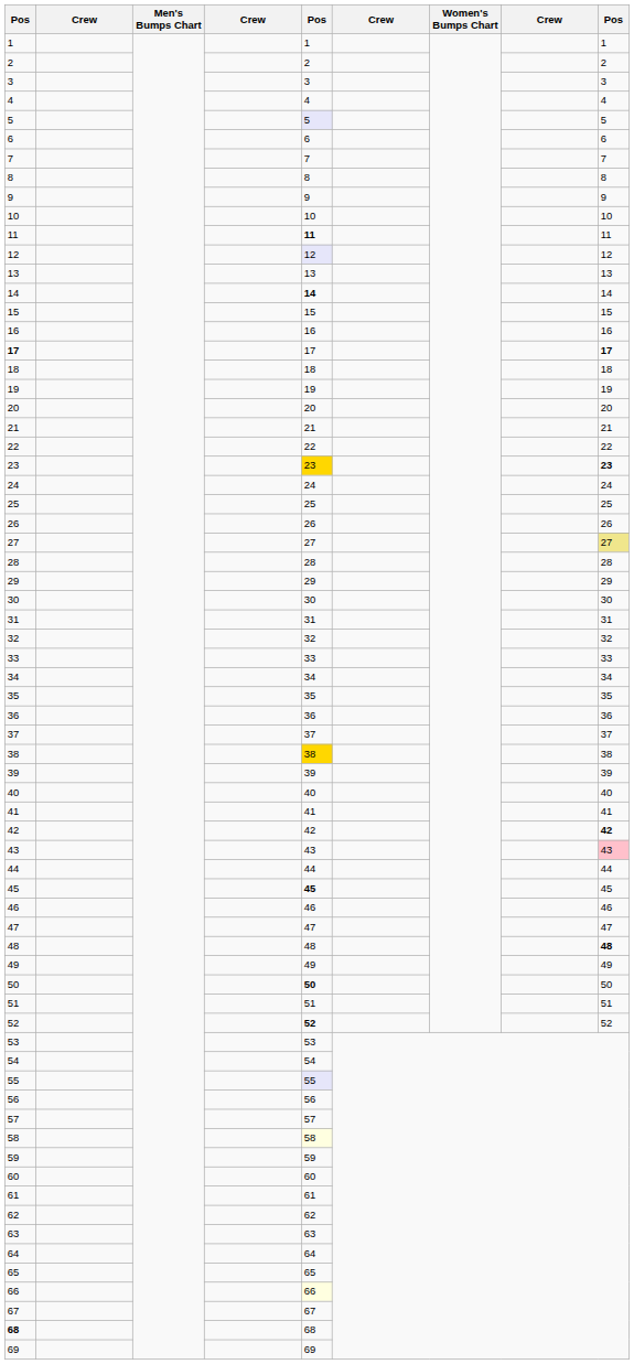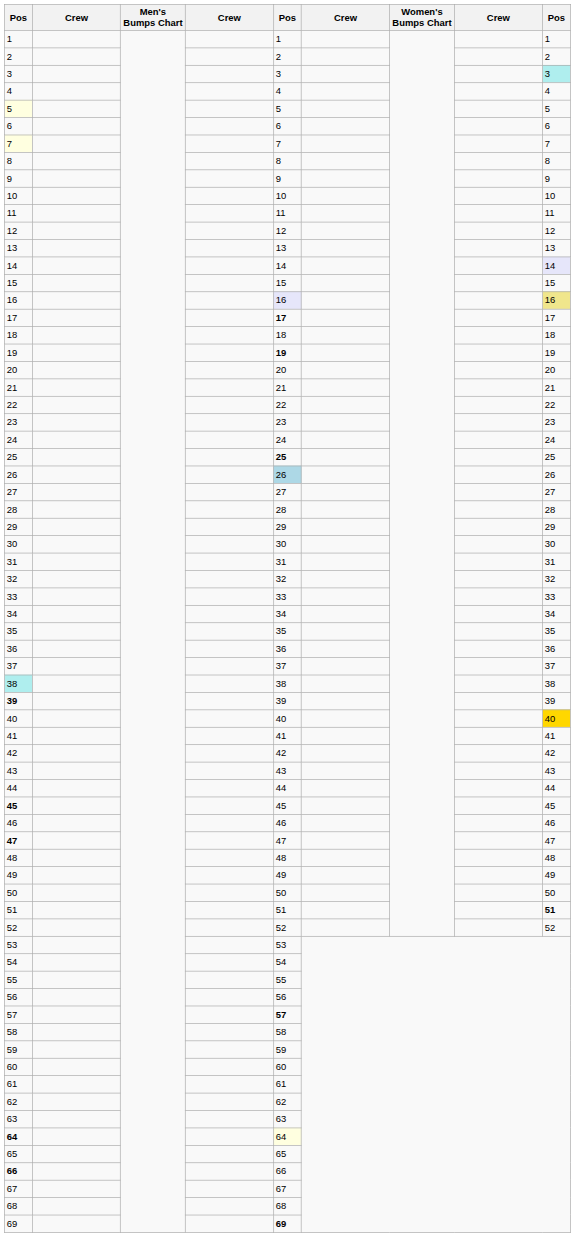 <table class="wikitable" style="font-size:88%; white-space:nowrap; margin:0.5em auto">
 <tr style="white-space:normal">
 <th width=35>Pos</th>
 <th width=125>Crew</th>
 <th width=90>Men's Bumps Chart</th>
 <th width=125>Crew</th>
 <th width=35>Pos</th>
 <th width=125>Crew</th>
 <th width=90>Women's Bumps Chart</th>
 <th width=125>Crew</th>
 <th width=35>Pos</th>
 </tr>
 <tr style="height:26px">
 <td>1</td>
 <td></td>
 <td rowspan="69" style="padding:0"><br></td>
 <td></td>
 <td>1</td>
 <td></td>
 <td rowspan="52" style="padding:0"><br></td>
 <td></td>
 <td>1</td>
 </tr>
 <tr style="height:26px">
 <td>2</td>
 <td></td>
 <td></td>
 <td>2</td>
 <td></td>
 <td></td>
 <td>2</td>
 </tr>
 <tr style="height:26px">
 <td>3</td>
 <td></td>
 <td></td>
 <td>3</td>
 <td></td>
 <td></td>
-<td>3</td>
+<td style="background: paleturquoise;">3</td>
 </tr>
 <tr style="height:26px">
 <td>4</td>
 <td></td>
 <td></td>
 <td>4</td>
 <td></td>
 <td></td>
 <td>4</td>
 </tr>
 <tr style="height:26px">
-<td>5</td>
+<td style="background: lightyellow;">5</td>
 <td></td>
 <td></td>
-<td style="background: lavender;">5</td>
+<td>5</td>
 <td></td>
 <td></td>
 <td>5</td>
 </tr>
 <tr style="height:26px">
 <td>6</td>
 <td></td>
 <td></td>
 <td>6</td>
 <td></td>
 <td></td>
 <td>6</td>
 </tr>
 <tr style="height:26px">
-<td>7</td>
+<td style="background: lightyellow;">7</td>
 <td></td>
 <td></td>
 <td>7</td>
 <td></td>
 <td></td>
 <td>7</td>
 </tr>
 <tr style="height:26px">
 <td>8</td>
 <td></td>
 <td></td>
 <td>8</td>
 <td></td>
 <td></td>
 <td>8</td>
 </tr>
 <tr style="height:26px">
 <td>9</td>
 <td></td>
 <td></td>
 <td>9</td>
 <td></td>
 <td></td>
 <td>9</td>
 </tr>
 <tr style="height:26px">
 <td>10</td>
 <td></td>
 <td></td>
 <td>10</td>
 <td></td>
 <td></td>
 <td>10</td>
 </tr>
 <tr style="height:26px">
 <td>11</td>
 <td></td>
 <td></td>
-<td><strong>11</strong></td>
+<td>11</td>
 <td></td>
 <td></td>
 <td>11</td>
 </tr>
 <tr style="height:26px">
 <td>12</td>
 <td></td>
 <td></td>
-<td style="background: lavender;">12</td>
+<td>12</td>
 <td></td>
 <td></td>
 <td>12</td>
 </tr>
 <tr style="height:26px">
 <td>13</td>
 <td></td>
 <td></td>
 <td>13</td>
 <td></td>
 <td></td>
 <td>13</td>
 </tr>
 <tr style="height:26px">
 <td>14</td>
 <td></td>
 <td></td>
-<td><strong>14</strong></td>
+<td>14</td>
 <td></td>
 <td></td>
-<td>14</td>
+<td style="background: lavender;">14</td>
 </tr>
 <tr style="height:26px">
 <td>15</td>
 <td></td>
 <td></td>
 <td>15</td>
 <td></td>
 <td></td>
 <td>15</td>
 </tr>
 <tr style="height:26px">
 <td>16</td>
 <td></td>
 <td></td>
-<td>16</td>
+<td style="background: lavender;">16</td>
 <td></td>
 <td></td>
-<td>16</td>
+<td style="background: khaki;">16</td>
 </tr>
 <tr style="height:26px">
+<td>17</td>
+<td></td>
+<td></td>
 <td><strong>17</strong></td>
 <td></td>
 <td></td>
 <td>17</td>
-<td></td>
-<td></td>
-<td><strong>17</strong></td>
 </tr>
 <tr style="height:26px">
 <td>18</td>
 <td></td>
 <td></td>
 <td>18</td>
 <td></td>
 <td></td>
 <td>18</td>
 </tr>
 <tr style="height:26px">
 <td>19</td>
 <td></td>
 <td></td>
-<td>19</td>
+<td><strong>19</strong></td>
 <td></td>
 <td></td>
 <td>19</td>
 </tr>
 <tr style="height:26px">
 <td>20</td>
 <td></td>
 <td></td>
 <td>20</td>
 <td></td>
 <td></td>
 <td>20</td>
 </tr>
 <tr style="height:26px">
 <td>21</td>
 <td></td>
 <td></td>
 <td>21</td>
 <td></td>
 <td></td>
 <td>21</td>
 </tr>
 <tr style="height:26px">
 <td>22</td>
 <td></td>
 <td></td>
 <td>22</td>
 <td></td>
 <td></td>
 <td>22</td>
 </tr>
 <tr style="height:26px">
 <td>23</td>
 <td></td>
 <td></td>
-<td style="background: gold;">23</td>
+<td>23</td>
 <td></td>
 <td></td>
-<td><strong>23</strong></td>
+<td>23</td>
 </tr>
 <tr style="height:26px">
 <td>24</td>
 <td></td>
 <td></td>
 <td>24</td>
 <td></td>
 <td></td>
 <td>24</td>
 </tr>
 <tr style="height:26px">
 <td>25</td>
 <td></td>
 <td></td>
-<td>25</td>
+<td><strong>25</strong></td>
 <td></td>
 <td></td>
 <td>25</td>
 </tr>
 <tr style="height:26px">
 <td>26</td>
 <td></td>
 <td></td>
-<td>26</td>
+<td style="background: lightblue;">26</td>
 <td></td>
 <td></td>
 <td>26</td>
 </tr>
 <tr style="height:26px">
 <td>27</td>
 <td></td>
 <td></td>
 <td>27</td>
 <td></td>
 <td></td>
-<td style="background: khaki;">27</td>
+<td>27</td>
 </tr>
 <tr style="height:26px">
 <td>28</td>
 <td></td>
 <td></td>
 <td>28</td>
 <td></td>
 <td></td>
 <td>28</td>
 </tr>
 <tr style="height:26px">
 <td>29</td>
 <td></td>
 <td></td>
 <td>29</td>
 <td></td>
 <td></td>
 <td>29</td>
 </tr>
 <tr style="height:26px">
 <td>30</td>
 <td></td>
 <td></td>
 <td>30</td>
 <td></td>
 <td></td>
 <td>30</td>
 </tr>
 <tr style="height:26px">
 <td>31</td>
 <td></td>
 <td></td>
 <td>31</td>
 <td></td>
 <td></td>
 <td>31</td>
 </tr>
 <tr style="height:26px">
 <td>32</td>
 <td></td>
 <td></td>
 <td>32</td>
 <td></td>
 <td></td>
 <td>32</td>
 </tr>
 <tr style="height:26px">
 <td>33</td>
 <td></td>
 <td></td>
 <td>33</td>
 <td></td>
 <td></td>
 <td>33</td>
 </tr>
 <tr style="height:26px">
 <td>34</td>
 <td></td>
 <td></td>
 <td>34</td>
 <td></td>
 <td></td>
 <td>34</td>
 </tr>
 <tr style="height:26px">
 <td>35</td>
 <td></td>
 <td></td>
 <td>35</td>
 <td></td>
 <td></td>
 <td>35</td>
 </tr>
 <tr style="height:26px">
 <td>36</td>
 <td></td>
 <td></td>
 <td>36</td>
 <td></td>
 <td></td>
 <td>36</td>
 </tr>
 <tr style="height:26px">
 <td>37</td>
 <td></td>
 <td></td>
 <td>37</td>
 <td></td>
 <td></td>
 <td>37</td>
 </tr>
 <tr style="height:26px">
-<td>38</td>
+<td style="background: paleturquoise;">38</td>
 <td></td>
 <td></td>
-<td style="background: gold;">38</td>
+<td>38</td>
 <td></td>
 <td></td>
 <td>38</td>
 </tr>
 <tr style="height:26px">
-<td>39</td>
+<td><strong>39</strong></td>
 <td></td>
 <td></td>
 <td>39</td>
 <td></td>
 <td></td>
 <td>39</td>
 </tr>
 <tr style="height:26px">
 <td>40</td>
 <td></td>
 <td></td>
 <td>40</td>
 <td></td>
 <td></td>
-<td>40</td>
+<td style="background: gold;">40</td>
 </tr>
 <tr style="height:26px">
 <td>41</td>
 <td></td>
 <td></td>
 <td>41</td>
 <td></td>
 <td></td>
 <td>41</td>
 </tr>
 <tr style="height:26px">
 <td>42</td>
 <td></td>
 <td></td>
 <td>42</td>
 <td></td>
 <td></td>
-<td><strong>42</strong></td>
+<td>42</td>
 </tr>
 <tr style="height:26px">
 <td>43</td>
 <td></td>
 <td></td>
 <td>43</td>
 <td></td>
 <td></td>
-<td style="background: pink;">43</td>
+<td>43</td>
 </tr>
 <tr style="height:26px">
 <td>44</td>
 <td></td>
 <td></td>
 <td>44</td>
 <td></td>
 <td></td>
 <td>44</td>
 </tr>
 <tr style="height:26px">
-<td>45</td>
+<td><strong>45</strong></td>
 <td></td>
 <td></td>
-<td><strong>45</strong></td>
+<td>45</td>
 <td></td>
 <td></td>
 <td>45</td>
 </tr>
 <tr style="height:26px">
 <td>46</td>
 <td></td>
 <td></td>
 <td>46</td>
 <td></td>
 <td></td>
 <td>46</td>
 </tr>
 <tr style="height:26px">
-<td>47</td>
+<td><strong>47</strong></td>
 <td></td>
 <td></td>
 <td>47</td>
 <td></td>
 <td></td>
 <td>47</td>
 </tr>
 <tr style="height:26px">
 <td>48</td>
 <td></td>
 <td></td>
 <td>48</td>
 <td></td>
 <td></td>
-<td><strong>48</strong></td>
+<td>48</td>
 </tr>
 <tr style="height:26px">
 <td>49</td>
 <td></td>
 <td></td>
 <td>49</td>
 <td></td>
 <td></td>
 <td>49</td>
 </tr>
 <tr style="height:26px">
 <td>50</td>
 <td></td>
 <td></td>
-<td><strong>50</strong></td>
+<td>50</td>
 <td></td>
 <td></td>
 <td>50</td>
 </tr>
 <tr style="height:26px">
 <td>51</td>
 <td></td>
 <td></td>
 <td>51</td>
 <td></td>
 <td></td>
-<td>51</td>
+<td><strong>51</strong></td>
 </tr>
 <tr style="height:26px">
 <td>52</td>
 <td></td>
 <td></td>
-<td><strong>52</strong></td>
+<td>52</td>
 <td></td>
 <td></td>
 <td>52</td>
 </tr>
 <tr style="height:26px">
 <td>53</td>
 <td></td>
 <td></td>
 <td>53</td>
 <td colspan="4" rowspan="17"> </td>
 </tr>
 <tr style="height:26px">
 <td>54</td>
 <td></td>
 <td></td>
 <td>54</td>
 </tr>
 <tr style="height:26px">
 <td>55</td>
 <td></td>
 <td></td>
-<td style="background: lavender;">55</td>
+<td>55</td>
 </tr>
 <tr style="height:26px">
 <td>56</td>
 <td></td>
 <td></td>
 <td>56</td>
 </tr>
 <tr style="height:26px">
 <td>57</td>
 <td></td>
 <td></td>
-<td>57</td>
+<td><strong>57</strong></td>
 </tr>
 <tr style="height:26px">
 <td>58</td>
 <td></td>
 <td></td>
-<td style="background: lightyellow;">58</td>
+<td>58</td>
 </tr>
 <tr style="height:26px">
 <td>59</td>
 <td></td>
 <td></td>
 <td>59</td>
 </tr>
 <tr style="height:26px">
 <td>60</td>
 <td></td>
 <td></td>
 <td>60</td>
 </tr>
 <tr style="height:26px">
 <td>61</td>
 <td></td>
 <td></td>
 <td>61</td>
 </tr>
 <tr style="height:26px">
 <td>62</td>
 <td></td>
 <td></td>
 <td>62</td>
 </tr>
 <tr style="height:26px">
 <td>63</td>
 <td></td>
 <td></td>
 <td>63</td>
 </tr>
 <tr style="height:26px">
-<td>64</td>
+<td><strong>64</strong></td>
 <td></td>
 <td></td>
-<td>64</td>
+<td style="background: lightyellow;">64</td>
 </tr>
 <tr style="height:26px">
 <td>65</td>
 <td></td>
 <td></td>
 <td>65</td>
 </tr>
 <tr style="height:26px">
-<td>66</td>
+<td><strong>66</strong></td>
 <td></td>
 <td></td>
-<td style="background: lightyellow;">66</td>
+<td>66</td>
 </tr>
 <tr style="height:26px">
 <td>67</td>
 <td></td>
 <td></td>
 <td>67</td>
 </tr>
 <tr style="height:26px">
-<td><strong>68</strong></td>
+<td>68</td>
 <td></td>
 <td></td>
 <td>68</td>
 </tr>
 <tr style="height:26px">
 <td>69</td>
 <td></td>
 <td></td>
-<td>69</td>
+<td><strong>69</strong></td>
 </tr>
 </table>
